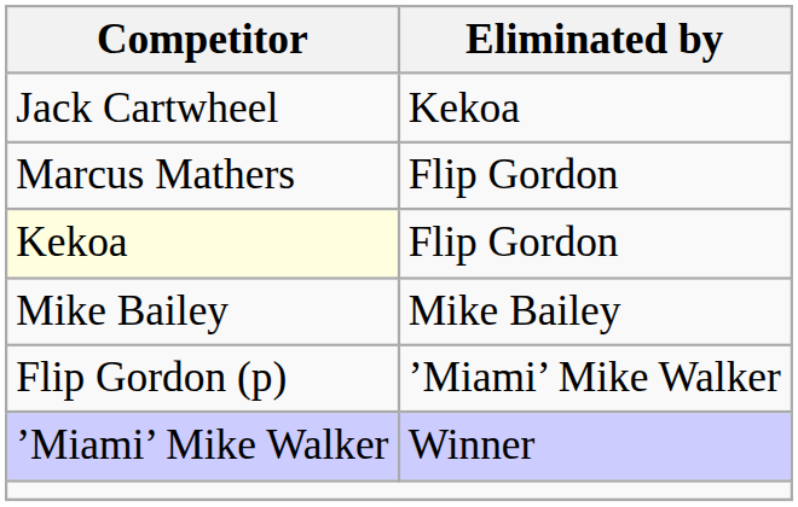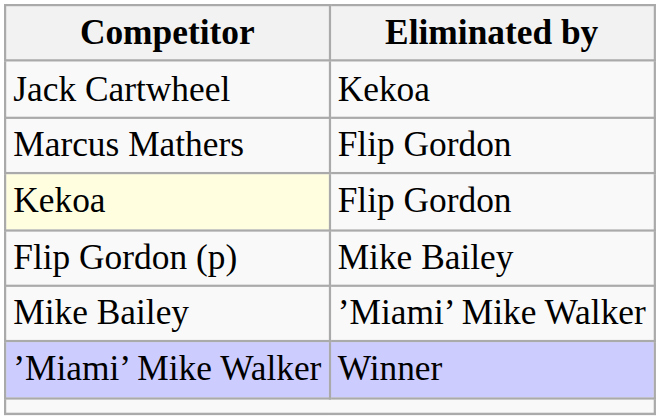 <table class="wikitable">
 <tr>
 <th>Competitor</th>
 <th>Eliminated by</th>
 </tr>
 <tr>
 <td>Jack Cartwheel</td>
 <td>Kekoa</td>
 </tr>
 <tr>
 <td>Marcus Mathers</td>
 <td>Flip Gordon</td>
 </tr>
 <tr>
 <td style="background: lightyellow;">Kekoa</td>
 <td>Flip Gordon</td>
 </tr>
 <tr>
-<td>Mike Bailey</td>
+<td>Flip Gordon (p)</td>
 <td>Mike Bailey</td>
 </tr>
 <tr>
-<td>Flip Gordon (p)</td>
+<td>Mike Bailey</td>
 <td>’Miami’ Mike Walker</td>
 </tr>
 <tr style="background: #CCCCFF;">
 <td>’Miami’ Mike Walker</td>
 <td>Winner</td>
 </tr>
 <tr>
 <td colspan="2"></td>
 </tr>
 <tr>
 </tr>
 </table>
